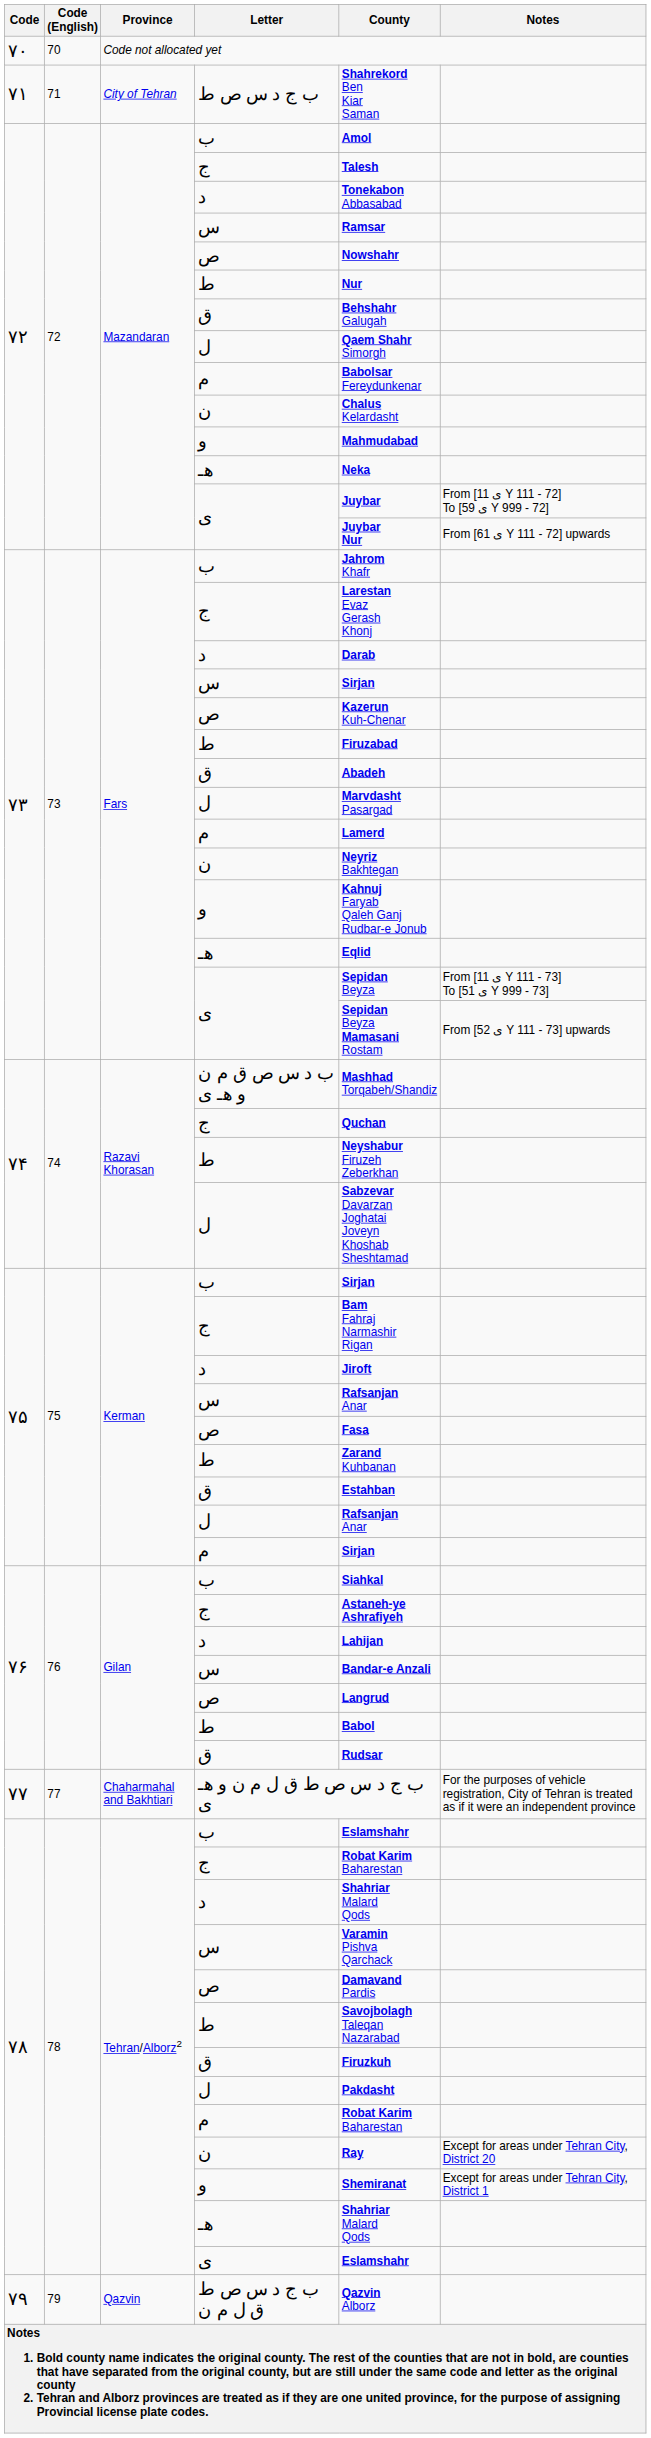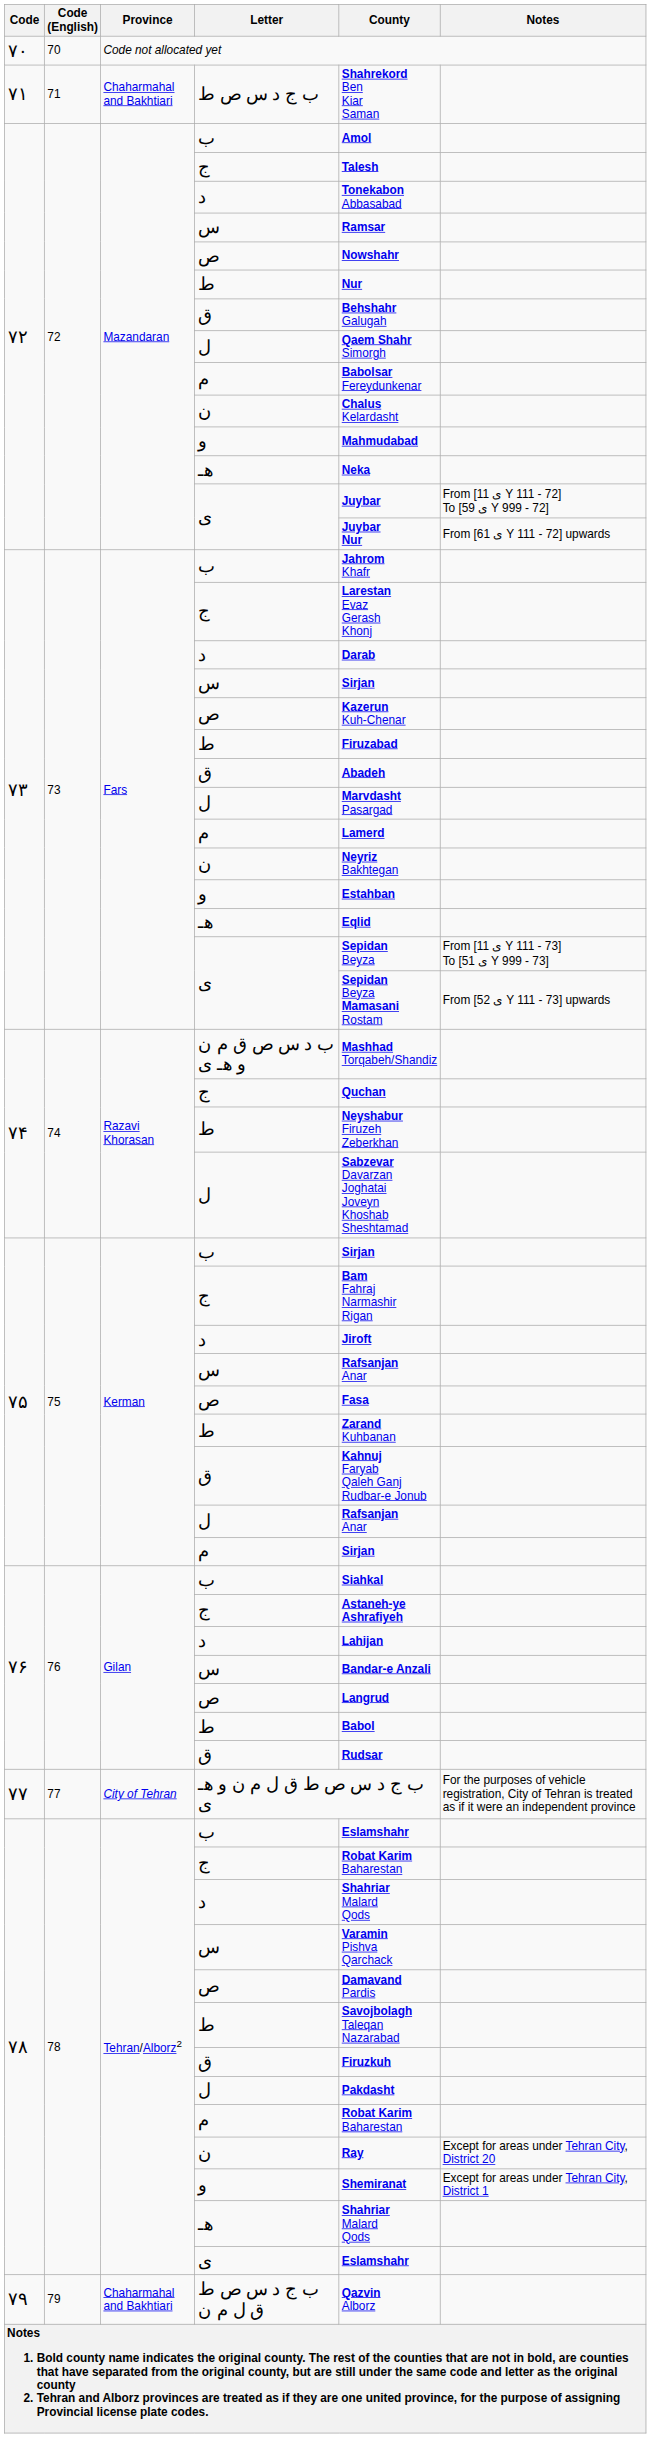 <table class="wikitable mw-collapsible mw-collapsed">
 <tr>
 <th scope="col" style="width: 50px;">Code</th>
 <th scope="col" style="width: 50px;">Code<br>(English)</th>
 <th scope="col" style="width: 125px;">Province</th>
 <th scope="col" style="width: 250px;">Letter</th>
 <th scope="col" style="width: 125px;">County</th>
 <th scope="col" style="width: 350px;">Notes</th>
 </tr>
 <tr>
 <td style="font-size:150%">۷۰</td>
 <td>70</td>
 <td colspan="4"><em>Code not allocated yet</em></td>
 </tr>
 <tr>
 <td style="font-size:150%">۷۱</td>
 <td>71</td>
-<td><em><a href='#'>City of Tehran</a></em></td>
+<td><a href='#'>Chaharmahal and Bakhtiari</a></td>
 <td style="font-size:150%">ب ج د س ص ط</td>
 <td><strong><a href='#'>Shahrekord</a></strong><br><a href='#'>Ben</a><br><a href='#'>Kiar</a><br><a href='#'>Saman</a></td>
 <td></td>
 </tr>
 <tr>
 <td rowspan="14" style="font-size:150%">۷۲</td>
 <td rowspan="14">72</td>
 <td rowspan="14"><a href='#'>Mazandaran</a></td>
 <td style="font-size:150%">ب</td>
 <td><strong><a href='#'>Amol</a></strong></td>
 <td></td>
 </tr>
 <tr>
 <td style="font-size:150%">ج</td>
 <td><strong><a href='#'>Talesh</a></strong></td>
 <td></td>
 </tr>
 <tr>
 <td style="font-size:150%">د</td>
 <td><strong><a href='#'>Tonekabon</a></strong><br><a href='#'>Abbasabad</a></td>
 <td></td>
 </tr>
 <tr>
 <td style="font-size:150%">س</td>
 <td><strong><a href='#'>Ramsar</a></strong></td>
 <td></td>
 </tr>
 <tr>
 <td style="font-size:150%">ص</td>
 <td><strong><a href='#'>Nowshahr</a></strong></td>
 <td></td>
 </tr>
 <tr>
 <td style="font-size:150%">ط</td>
 <td><strong><a href='#'>Nur</a></strong></td>
 <td></td>
 </tr>
 <tr>
 <td style="font-size:150%">ق</td>
 <td><strong><a href='#'>Behshahr</a></strong><br><a href='#'>Galugah</a></td>
 <td></td>
 </tr>
 <tr>
 <td style="font-size:150%">ل</td>
 <td><strong><a href='#'>Qaem Shahr</a></strong><br><a href='#'>Simorgh</a></td>
 <td></td>
 </tr>
 <tr>
 <td style="font-size:150%">م</td>
 <td><strong><a href='#'>Babolsar</a></strong><br><a href='#'>Fereydunkenar</a></td>
 <td></td>
 </tr>
 <tr>
 <td style="font-size:150%">ن</td>
 <td><strong><a href='#'>Chalus</a></strong><br><a href='#'>Kelardasht</a></td>
 <td></td>
 </tr>
 <tr>
 <td style="font-size:150%">و</td>
 <td><strong><a href='#'>Mahmudabad</a></strong></td>
 <td></td>
 </tr>
 <tr>
 <td style="font-size:150%">هـ</td>
 <td><strong><a href='#'>Neka</a></strong></td>
 <td></td>
 </tr>
 <tr>
 <td rowspan="2" style="font-size:150%">ی</td>
 <td><strong><a href='#'>Juybar</a></strong></td>
 <td>From [11 ی Y 111 - 72]<br>To [59 ی Y 999 - 72]</td>
 </tr>
 <tr>
 <td><strong><a href='#'>Juybar</a></strong><br><strong><a href='#'>Nur</a></strong></td>
 <td>From [61 ی Y 111 - 72] upwards</td>
 </tr>
 <tr>
 <td rowspan="14" style="font-size:150%">۷۳</td>
 <td rowspan="14">73</td>
 <td rowspan="14"><a href='#'>Fars</a></td>
 <td style="font-size:150%">ب</td>
 <td><strong><a href='#'>Jahrom</a></strong><br><a href='#'>Khafr</a></td>
 <td></td>
 </tr>
 <tr>
 <td style="font-size:150%">ج</td>
 <td><strong><a href='#'>Larestan</a></strong><br><a href='#'>Evaz</a><br><a href='#'>Gerash</a><br><a href='#'>Khonj</a></td>
 <td></td>
 </tr>
 <tr>
 <td style="font-size:150%">د</td>
 <td><strong><a href='#'>Darab</a></strong></td>
 <td></td>
 </tr>
 <tr>
 <td style="font-size:150%">س</td>
 <td><strong><a href='#'>Sirjan</a></strong></td>
 <td></td>
 </tr>
 <tr>
 <td style="font-size:150%">ص</td>
 <td><strong><a href='#'>Kazerun</a></strong><br><a href='#'>Kuh-Chenar</a></td>
 <td></td>
 </tr>
 <tr>
 <td style="font-size:150%">ط</td>
 <td><strong><a href='#'>Firuzabad</a></strong></td>
 <td></td>
 </tr>
 <tr>
 <td style="font-size:150%">ق</td>
 <td><strong><a href='#'>Abadeh</a></strong></td>
 <td></td>
 </tr>
 <tr>
 <td style="font-size:150%">ل</td>
 <td><strong><a href='#'>Marvdasht</a></strong><br><a href='#'>Pasargad</a></td>
 <td></td>
 </tr>
 <tr>
 <td style="font-size:150%">م</td>
 <td><strong><a href='#'>Lamerd</a></strong></td>
 <td></td>
 </tr>
 <tr>
 <td style="font-size:150%">ن</td>
 <td><strong><a href='#'>Neyriz</a></strong><br><a href='#'>Bakhtegan</a></td>
 <td></td>
 </tr>
 <tr>
 <td style="font-size:150%">و</td>
-<td><strong><a href='#'>Kahnuj</a></strong><br><a href='#'>Faryab</a><br><a href='#'>Qaleh Ganj</a><br><a href='#'>Rudbar-e Jonub</a></td>
+<td><strong><a href='#'>Estahban</a></strong></td>
 <td></td>
 </tr>
 <tr>
 <td style="font-size:150%">هـ</td>
 <td><strong><a href='#'>Eqlid</a></strong></td>
 <td></td>
 </tr>
 <tr>
 <td rowspan="2" style="font-size:150%">ی</td>
 <td><strong><a href='#'>Sepidan</a></strong><br><a href='#'>Beyza</a></td>
 <td>From [11 ی Y 111 - 73]<br>To [51 ی Y 999 - 73]</td>
 </tr>
 <tr>
 <td><strong><a href='#'>Sepidan</a></strong><br><a href='#'>Beyza</a><br><strong><a href='#'>Mamasani</a></strong><br><a href='#'>Rostam</a></td>
 <td>From [52 ی Y 111 - 73] upwards</td>
 </tr>
 <tr>
 <td rowspan="4" style="font-size:150%">۷۴</td>
 <td rowspan="4">74</td>
 <td rowspan="4"><a href='#'>Razavi Khorasan</a></td>
 <td style="font-size:150%">ب د س ص ق م ن و هـ ی</td>
 <td><strong><a href='#'>Mashhad</a></strong><br><a href='#'>Torqabeh/Shandiz</a></td>
 <td></td>
 </tr>
 <tr>
 <td style="font-size:150%">ج</td>
 <td><strong><a href='#'>Quchan</a></strong></td>
 <td></td>
 </tr>
 <tr>
 <td style="font-size:150%">ط</td>
 <td><strong><a href='#'>Neyshabur</a></strong><br><a href='#'>Firuzeh</a><br><a href='#'>Zeberkhan</a></td>
 <td></td>
 </tr>
 <tr>
 <td style="font-size:150%">ل</td>
 <td><strong><a href='#'>Sabzevar</a></strong><br><a href='#'>Davarzan</a><br><a href='#'>Joghatai</a><br><a href='#'>Joveyn</a><br><a href='#'>Khoshab</a><br><a href='#'>Sheshtamad</a></td>
 <td></td>
 </tr>
 <tr>
 <td rowspan="9" style="font-size:150%">۷۵</td>
 <td rowspan="9">75</td>
 <td rowspan="9"><a href='#'>Kerman</a></td>
 <td style="font-size:150%">ب</td>
 <td><strong><a href='#'>Sirjan</a></strong></td>
 <td></td>
 </tr>
 <tr>
 <td style="font-size:150%">ج</td>
 <td><strong><a href='#'>Bam</a></strong><br><a href='#'>Fahraj</a><br><a href='#'>Narmashir</a><br><a href='#'>Rigan</a></td>
 <td></td>
 </tr>
 <tr>
 <td style="font-size:150%">د</td>
 <td><strong><a href='#'>Jiroft</a></strong></td>
 <td></td>
 </tr>
 <tr>
 <td style="font-size:150%">س</td>
 <td><strong><a href='#'>Rafsanjan</a></strong><br><a href='#'>Anar</a></td>
 <td></td>
 </tr>
 <tr>
 <td style="font-size:150%">ص</td>
 <td><strong><a href='#'>Fasa</a></strong></td>
 <td></td>
 </tr>
 <tr>
 <td style="font-size:150%">ط</td>
 <td><strong><a href='#'>Zarand</a></strong><br><a href='#'>Kuhbanan</a></td>
 <td></td>
 </tr>
 <tr>
 <td style="font-size:150%">ق</td>
-<td><strong><a href='#'>Estahban</a></strong></td>
+<td><strong><a href='#'>Kahnuj</a></strong><br><a href='#'>Faryab</a><br><a href='#'>Qaleh Ganj</a><br><a href='#'>Rudbar-e Jonub</a></td>
 <td></td>
 </tr>
 <tr>
 <td style="font-size:150%">ل</td>
 <td><strong><a href='#'>Rafsanjan</a></strong><br><a href='#'>Anar</a></td>
 <td></td>
 </tr>
 <tr>
 <td style="font-size:150%">م</td>
 <td><strong><a href='#'>Sirjan</a></strong></td>
 <td></td>
 </tr>
 <tr>
 <td rowspan="7" style="font-size:150%">۷۶</td>
 <td rowspan="7">76</td>
 <td rowspan="7"><a href='#'>Gilan</a></td>
 <td style="font-size:150%">ب</td>
 <td><strong><a href='#'>Siahkal</a></strong></td>
 <td></td>
 </tr>
 <tr>
 <td style="font-size:150%">ج</td>
 <td><strong><a href='#'>Astaneh-ye Ashrafiyeh</a></strong></td>
 <td></td>
 </tr>
 <tr>
 <td style="font-size:150%">د</td>
 <td><strong><a href='#'>Lahijan</a></strong></td>
 <td></td>
 </tr>
 <tr>
 <td style="font-size:150%">س</td>
 <td><strong><a href='#'>Bandar-e Anzali</a></strong></td>
 <td></td>
 </tr>
 <tr>
 <td style="font-size:150%">ص</td>
 <td><strong><a href='#'>Langrud</a></strong></td>
 <td></td>
 </tr>
 <tr>
 <td style="font-size:150%">ط</td>
 <td><strong><a href='#'>Babol</a></strong></td>
 <td></td>
 </tr>
 <tr>
 <td style="font-size:150%">ق</td>
 <td><strong><a href='#'>Rudsar</a></strong></td>
 <td></td>
 </tr>
 <tr>
 <td style="font-size:150%">۷۷</td>
 <td>77</td>
-<td><a href='#'>Chaharmahal and Bakhtiari</a></td>
+<td><em><a href='#'>City of Tehran</a></em></td>
 <td style="font-size:150%" colspan="2">ب ج د س ص ط ق ل م ن و هـ ی</td>
 <td>For the purposes of vehicle registration, City of Tehran is treated as if it were an independent province</td>
 </tr>
 <tr>
 <td rowspan="13" style="font-size:150%">۷۸</td>
 <td rowspan="13">78</td>
 <td rowspan="13"><a href='#'>Tehran</a>/<a href='#'>Alborz</a><sup>2</sup></td>
 <td style="font-size:150%">ب</td>
 <td><strong><a href='#'>Eslamshahr</a></strong></td>
 <td></td>
 </tr>
 <tr>
 <td style="font-size:150%">ج</td>
 <td><strong><a href='#'>Robat Karim</a></strong><br><a href='#'>Baharestan</a></td>
 <td></td>
 </tr>
 <tr>
 <td style="font-size:150%">د</td>
 <td><strong><a href='#'>Shahriar</a></strong><br><a href='#'>Malard</a><br><a href='#'>Qods</a></td>
 <td></td>
 </tr>
 <tr>
 <td style="font-size:150%">س</td>
 <td><strong><a href='#'>Varamin</a></strong><br><a href='#'>Pishva</a><br><a href='#'>Qarchack</a></td>
 <td></td>
 </tr>
 <tr>
 <td style="font-size:150%">ص</td>
 <td><strong><a href='#'>Damavand</a></strong><br><a href='#'>Pardis</a></td>
 <td></td>
 </tr>
 <tr>
 <td style="font-size:150%">ط</td>
 <td><strong><a href='#'>Savojbolagh</a></strong><br><a href='#'>Taleqan</a><br><a href='#'>Nazarabad</a></td>
 <td></td>
 </tr>
 <tr>
 <td style="font-size:150%">ق</td>
 <td><strong><a href='#'>Firuzkuh</a></strong></td>
 <td></td>
 </tr>
 <tr>
 <td style="font-size:150%">ل</td>
 <td><strong><a href='#'>Pakdasht</a></strong></td>
 <td></td>
 </tr>
 <tr>
 <td style="font-size:150%">م</td>
 <td><strong><a href='#'>Robat Karim</a></strong><br><a href='#'>Baharestan</a></td>
 <td></td>
 </tr>
 <tr>
 <td style="font-size:150%">ن</td>
 <td><strong><a href='#'>Ray</a></strong></td>
 <td>Except for areas under <a href='#'>Tehran City</a>, <a href='#'>District 20</a></td>
 </tr>
 <tr>
 <td style="font-size:150%">و</td>
 <td><strong><a href='#'>Shemiranat</a></strong></td>
 <td>Except for areas under <a href='#'>Tehran City</a>, <a href='#'>District 1</a></td>
 </tr>
 <tr>
 <td style="font-size:150%">هـ</td>
 <td><strong><a href='#'>Shahriar</a></strong><br><a href='#'>Malard</a><br><a href='#'>Qods</a></td>
 <td></td>
 </tr>
 <tr>
 <td style="font-size:150%">ی</td>
 <td><strong><a href='#'>Eslamshahr</a></strong></td>
 <td></td>
 </tr>
 <tr>
 <td style="font-size:150%">۷۹</td>
 <td>79</td>
-<td><a href='#'>Qazvin</a></td>
+<td><a href='#'>Chaharmahal and Bakhtiari</a></td>
 <td style="font-size:150%">ب ج د س ص ط ق ل م ن</td>
 <td><strong><a href='#'>Qazvin</a></strong><br><a href='#'>Alborz</a></td>
 <td></td>
 </tr>
 <tr>
 <th colspan="6" style=text-align:left>Notes<br><ol><li>Bold county name indicates the original county. The rest of the counties that are not in bold, are counties that have separated from the original county, but are still under the same code and letter as the original county</li><li>Tehran and Alborz provinces are treated as if they are one united province, for the purpose of assigning Provincial license plate codes.</li></ol></th>
 </tr>
 </table>
